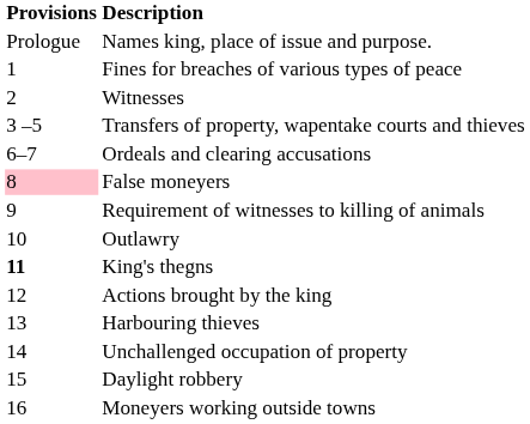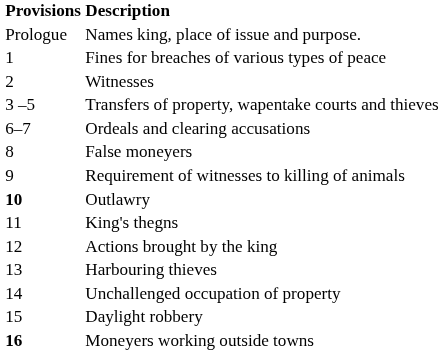 <table class="table">
 <tr>
 <td width="17%"><strong>Provisions</strong></td>
 <td width="83%"><strong>Description</strong></td>
 </tr>
 <tr>
 <td>Prologue</td>
 <td>Names king, place of issue and purpose.</td>
 </tr>
 <tr>
 <td>1</td>
 <td>Fines for breaches of various types of peace</td>
 </tr>
 <tr>
 <td>2</td>
 <td>Witnesses</td>
 </tr>
 <tr>
 <td>3 –5</td>
 <td>Transfers of property, wapentake courts and thieves</td>
 </tr>
 <tr>
 <td>6–7</td>
 <td>Ordeals and clearing accusations</td>
 </tr>
 <tr>
-<td style="background: pink;">8</td>
+<td>8</td>
 <td>False moneyers</td>
 </tr>
 <tr>
 <td>9</td>
 <td>Requirement of witnesses to killing of animals</td>
 </tr>
 <tr>
-<td>10</td>
+<td><strong>10</strong></td>
 <td>Outlawry</td>
 </tr>
 <tr>
-<td><strong>11</strong></td>
+<td>11</td>
 <td>King's thegns</td>
 </tr>
 <tr>
 <td>12</td>
 <td>Actions brought by the king</td>
 </tr>
 <tr>
 <td>13</td>
 <td>Harbouring thieves</td>
 </tr>
 <tr>
 <td>14</td>
 <td>Unchallenged occupation of property</td>
 </tr>
 <tr>
 <td>15</td>
 <td>Daylight robbery</td>
 </tr>
 <tr>
-<td>16</td>
+<td><strong>16</strong></td>
 <td>Moneyers working outside towns</td>
 </tr>
 </table>
